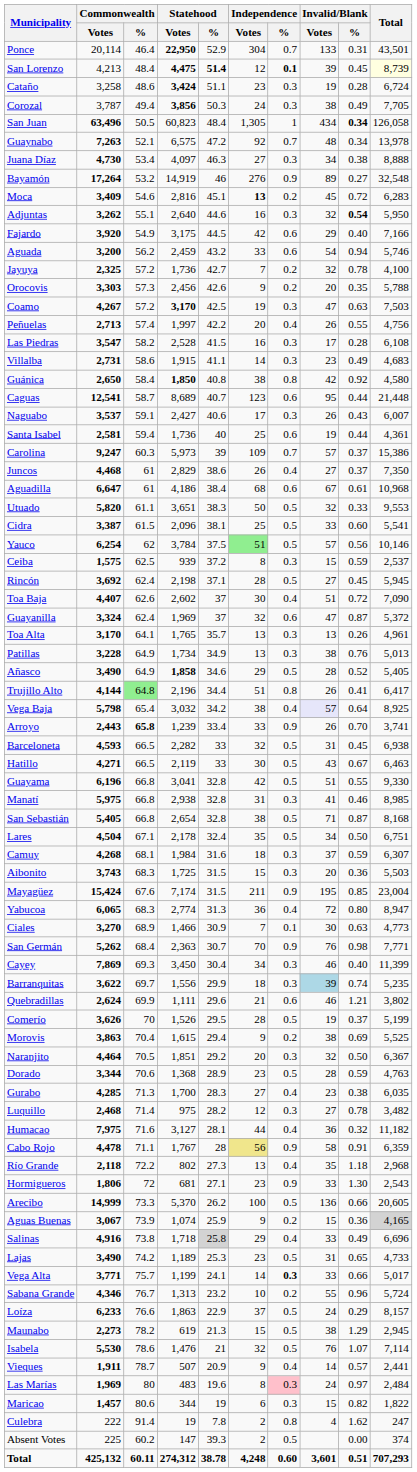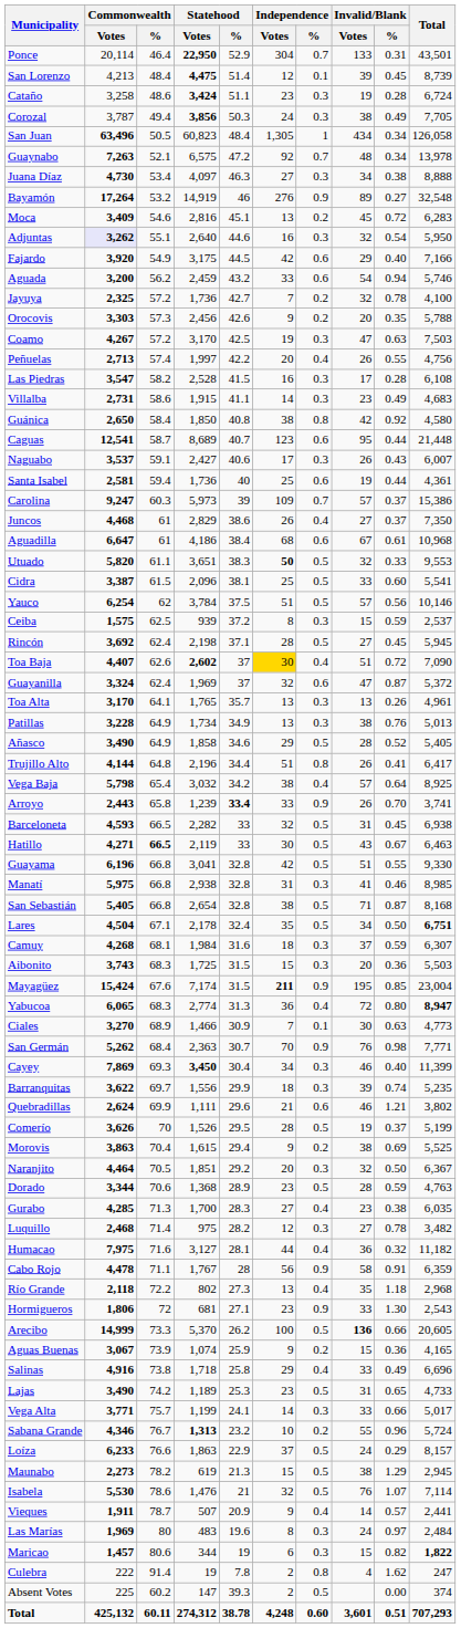 <table class="wikitable sortable" style="font-size:90%; text-align:right">
 <tr>
 <th rowspan=2><a href='#'>Municipality</a></th>
 <th colspan=2>Commonwealth</th>
 <th colspan=2>Statehood</th>
 <th colspan=2>Independence</th>
 <th colspan=2>Invalid/Blank</th>
 <th rowspan=2>Total</th>
 </tr>
 <tr>
 <th>Votes</th>
 <th>%</th>
 <th>Votes</th>
 <th>%</th>
 <th>Votes</th>
 <th>%</th>
 <th>Votes</th>
 <th>%</th>
 </tr>
 <tr>
 <td align=left><a href='#'>Ponce</a></td>
 <td>20,114</td>
 <td>46.4</td>
 <td><strong>22,950</strong></td>
 <td>52.9</td>
 <td>304</td>
 <td>0.7</td>
 <td>133</td>
 <td>0.31</td>
 <td>43,501</td>
 </tr>
 <tr>
 <td align=left><a href='#'>San Lorenzo</a></td>
 <td>4,213</td>
 <td>48.4</td>
 <td><strong>4,475</strong></td>
-<td><strong>51.4</strong></td>
+<td>51.4</td>
 <td>12</td>
-<td><strong>0.1</strong></td>
+<td>0.1</td>
 <td>39</td>
 <td>0.45</td>
-<td style="background: lightyellow;">8,739</td>
+<td>8,739</td>
 </tr>
 <tr>
 <td align=left><a href='#'>Cataño</a></td>
 <td>3,258</td>
 <td>48.6</td>
 <td><strong>3,424</strong></td>
 <td>51.1</td>
 <td>23</td>
 <td>0.3</td>
 <td>19</td>
 <td>0.28</td>
 <td>6,724</td>
 </tr>
 <tr>
 <td align=left><a href='#'>Corozal</a></td>
 <td>3,787</td>
 <td>49.4</td>
 <td><strong>3,856</strong></td>
 <td>50.3</td>
 <td>24</td>
 <td>0.3</td>
 <td>38</td>
 <td>0.49</td>
 <td>7,705</td>
 </tr>
 <tr>
 <td align=left><a href='#'>San Juan</a></td>
 <td><strong>63,496</strong></td>
 <td>50.5</td>
 <td>60,823</td>
 <td>48.4</td>
 <td>1,305</td>
 <td>1</td>
 <td>434</td>
-<td><strong>0.34</strong></td>
+<td>0.34</td>
 <td>126,058</td>
 </tr>
 <tr>
 <td align=left><a href='#'>Guaynabo</a></td>
 <td><strong>7,263</strong></td>
 <td>52.1</td>
 <td>6,575</td>
 <td>47.2</td>
 <td>92</td>
 <td>0.7</td>
 <td>48</td>
 <td>0.34</td>
 <td>13,978</td>
 </tr>
 <tr>
 <td align=left><a href='#'>Juana Díaz</a></td>
 <td><strong>4,730</strong></td>
 <td>53.4</td>
 <td>4,097</td>
 <td>46.3</td>
 <td>27</td>
 <td>0.3</td>
 <td>34</td>
 <td>0.38</td>
 <td>8,888</td>
 </tr>
 <tr>
 <td align=left><a href='#'>Bayamón</a></td>
 <td><strong>17,264</strong></td>
 <td>53.2</td>
 <td>14,919</td>
 <td>46</td>
 <td>276</td>
 <td>0.9</td>
 <td>89</td>
 <td>0.27</td>
 <td>32,548</td>
 </tr>
 <tr>
 <td align=left><a href='#'>Moca</a></td>
 <td><strong>3,409</strong></td>
 <td>54.6</td>
 <td>2,816</td>
 <td>45.1</td>
-<td><strong>13</strong></td>
+<td>13</td>
 <td>0.2</td>
 <td>45</td>
 <td>0.72</td>
 <td>6,283</td>
 </tr>
 <tr>
 <td align=left><a href='#'>Adjuntas</a></td>
-<td><strong>3,262</strong></td>
+<td style="background: lavender;"><strong>3,262</strong></td>
 <td>55.1</td>
 <td>2,640</td>
 <td>44.6</td>
 <td>16</td>
 <td>0.3</td>
 <td>32</td>
-<td><strong>0.54</strong></td>
+<td>0.54</td>
 <td>5,950</td>
 </tr>
 <tr>
 <td align=left><a href='#'>Fajardo</a></td>
 <td><strong>3,920</strong></td>
 <td>54.9</td>
 <td>3,175</td>
 <td>44.5</td>
 <td>42</td>
 <td>0.6</td>
 <td>29</td>
 <td>0.40</td>
 <td>7,166</td>
 </tr>
 <tr>
 <td align=left><a href='#'>Aguada</a></td>
 <td><strong>3,200</strong></td>
 <td>56.2</td>
 <td>2,459</td>
 <td>43.2</td>
 <td>33</td>
 <td>0.6</td>
 <td>54</td>
 <td>0.94</td>
 <td>5,746</td>
 </tr>
 <tr>
 <td align=left><a href='#'>Jayuya</a></td>
 <td><strong>2,325</strong></td>
 <td>57.2</td>
 <td>1,736</td>
 <td>42.7</td>
 <td>7</td>
 <td>0.2</td>
 <td>32</td>
 <td>0.78</td>
 <td>4,100</td>
 </tr>
 <tr>
 <td align=left><a href='#'>Orocovis</a></td>
 <td><strong>3,303</strong></td>
 <td>57.3</td>
 <td>2,456</td>
 <td>42.6</td>
 <td>9</td>
 <td>0.2</td>
 <td>20</td>
 <td>0.35</td>
 <td>5,788</td>
 </tr>
 <tr>
 <td align=left><a href='#'>Coamo</a></td>
 <td><strong>4,267</strong></td>
 <td>57.2</td>
-<td><strong>3,170</strong></td>
+<td>3,170</td>
 <td>42.5</td>
 <td>19</td>
 <td>0.3</td>
 <td>47</td>
 <td>0.63</td>
 <td>7,503</td>
 </tr>
 <tr>
 <td align=left><a href='#'>Peñuelas</a></td>
 <td><strong>2,713</strong></td>
 <td>57.4</td>
 <td>1,997</td>
 <td>42.2</td>
 <td>20</td>
 <td>0.4</td>
 <td>26</td>
 <td>0.55</td>
 <td>4,756</td>
 </tr>
 <tr>
 <td align=left><a href='#'>Las Piedras</a></td>
 <td><strong>3,547</strong></td>
 <td>58.2</td>
 <td>2,528</td>
 <td>41.5</td>
 <td>16</td>
 <td>0.3</td>
 <td>17</td>
 <td>0.28</td>
 <td>6,108</td>
 </tr>
 <tr>
 <td align=left><a href='#'>Villalba</a></td>
 <td><strong>2,731</strong></td>
 <td>58.6</td>
 <td>1,915</td>
 <td>41.1</td>
 <td>14</td>
 <td>0.3</td>
 <td>23</td>
 <td>0.49</td>
 <td>4,683</td>
 </tr>
 <tr>
 <td align=left><a href='#'>Guánica</a></td>
 <td><strong>2,650</strong></td>
 <td>58.4</td>
-<td><strong>1,850</strong></td>
+<td>1,850</td>
 <td>40.8</td>
 <td>38</td>
 <td>0.8</td>
 <td>42</td>
 <td>0.92</td>
 <td>4,580</td>
 </tr>
 <tr>
 <td align=left><a href='#'>Caguas</a></td>
 <td><strong>12,541</strong></td>
 <td>58.7</td>
 <td>8,689</td>
 <td>40.7</td>
 <td>123</td>
 <td>0.6</td>
 <td>95</td>
 <td>0.44</td>
 <td>21,448</td>
 </tr>
 <tr>
 <td align=left><a href='#'>Naguabo</a></td>
 <td><strong>3,537</strong></td>
 <td>59.1</td>
 <td>2,427</td>
 <td>40.6</td>
 <td>17</td>
 <td>0.3</td>
 <td>26</td>
 <td>0.43</td>
 <td>6,007</td>
 </tr>
 <tr>
 <td align=left><a href='#'>Santa Isabel</a></td>
 <td><strong>2,581</strong></td>
 <td>59.4</td>
 <td>1,736</td>
 <td>40</td>
 <td>25</td>
 <td>0.6</td>
 <td>19</td>
 <td>0.44</td>
 <td>4,361</td>
 </tr>
 <tr>
 <td align=left><a href='#'>Carolina</a></td>
 <td><strong>9,247</strong></td>
 <td>60.3</td>
 <td>5,973</td>
 <td>39</td>
 <td>109</td>
 <td>0.7</td>
 <td>57</td>
 <td>0.37</td>
 <td>15,386</td>
 </tr>
 <tr>
 <td align=left><a href='#'>Juncos</a></td>
 <td><strong>4,468</strong></td>
 <td>61</td>
 <td>2,829</td>
 <td>38.6</td>
 <td>26</td>
 <td>0.4</td>
 <td>27</td>
 <td>0.37</td>
 <td>7,350</td>
 </tr>
 <tr>
 <td align=left><a href='#'>Aguadilla</a></td>
 <td><strong>6,647</strong></td>
 <td>61</td>
 <td>4,186</td>
 <td>38.4</td>
 <td>68</td>
 <td>0.6</td>
 <td>67</td>
 <td>0.61</td>
 <td>10,968</td>
 </tr>
 <tr>
 <td align=left><a href='#'>Utuado</a></td>
 <td><strong>5,820</strong></td>
 <td>61.1</td>
 <td>3,651</td>
 <td>38.3</td>
-<td>50</td>
+<td><strong>50</strong></td>
 <td>0.5</td>
 <td>32</td>
 <td>0.33</td>
 <td>9,553</td>
 </tr>
 <tr>
 <td align=left><a href='#'>Cidra</a></td>
 <td><strong>3,387</strong></td>
 <td>61.5</td>
 <td>2,096</td>
 <td>38.1</td>
 <td>25</td>
 <td>0.5</td>
 <td>33</td>
 <td>0.60</td>
 <td>5,541</td>
 </tr>
 <tr>
 <td align=left><a href='#'>Yauco</a></td>
 <td><strong>6,254</strong></td>
 <td>62</td>
 <td>3,784</td>
 <td>37.5</td>
-<td style="background: lightgreen;">51</td>
+<td>51</td>
 <td>0.5</td>
 <td>57</td>
 <td>0.56</td>
 <td>10,146</td>
 </tr>
 <tr>
 <td align=left><a href='#'>Ceiba</a></td>
 <td><strong>1,575</strong></td>
 <td>62.5</td>
 <td>939</td>
 <td>37.2</td>
 <td>8</td>
 <td>0.3</td>
 <td>15</td>
 <td>0.59</td>
 <td>2,537</td>
 </tr>
 <tr>
 <td align=left><a href='#'>Rincón</a></td>
 <td><strong>3,692</strong></td>
 <td>62.4</td>
 <td>2,198</td>
 <td>37.1</td>
 <td>28</td>
 <td>0.5</td>
 <td>27</td>
 <td>0.45</td>
 <td>5,945</td>
 </tr>
 <tr>
 <td align=left><a href='#'>Toa Baja</a></td>
 <td><strong>4,407</strong></td>
 <td>62.6</td>
-<td>2,602</td>
+<td><strong>2,602</strong></td>
 <td>37</td>
-<td>30</td>
+<td style="background: gold;">30</td>
 <td>0.4</td>
 <td>51</td>
 <td>0.72</td>
 <td>7,090</td>
 </tr>
 <tr>
 <td align=left><a href='#'>Guayanilla</a></td>
 <td><strong>3,324</strong></td>
 <td>62.4</td>
 <td>1,969</td>
 <td>37</td>
 <td>32</td>
 <td>0.6</td>
 <td>47</td>
 <td>0.87</td>
 <td>5,372</td>
 </tr>
 <tr>
 <td align=left><a href='#'>Toa Alta</a></td>
 <td><strong>3,170</strong></td>
 <td>64.1</td>
 <td>1,765</td>
 <td>35.7</td>
 <td>13</td>
 <td>0.3</td>
 <td>13</td>
 <td>0.26</td>
 <td>4,961</td>
 </tr>
 <tr>
 <td align=left><a href='#'>Patillas</a></td>
 <td><strong>3,228</strong></td>
 <td>64.9</td>
 <td>1,734</td>
 <td>34.9</td>
 <td>13</td>
 <td>0.3</td>
 <td>38</td>
 <td>0.76</td>
 <td>5,013</td>
 </tr>
 <tr>
 <td align=left><a href='#'>Añasco</a></td>
 <td><strong>3,490</strong></td>
 <td>64.9</td>
-<td><strong>1,858</strong></td>
+<td>1,858</td>
 <td>34.6</td>
 <td>29</td>
 <td>0.5</td>
 <td>28</td>
 <td>0.52</td>
 <td>5,405</td>
 </tr>
 <tr>
 <td align=left><a href='#'>Trujillo Alto</a></td>
 <td><strong>4,144</strong></td>
-<td style="background: lightgreen;">64.8</td>
+<td>64.8</td>
 <td>2,196</td>
 <td>34.4</td>
 <td>51</td>
 <td>0.8</td>
 <td>26</td>
 <td>0.41</td>
 <td>6,417</td>
 </tr>
 <tr>
 <td align=left><a href='#'>Vega Baja</a></td>
 <td><strong>5,798</strong></td>
 <td>65.4</td>
 <td>3,032</td>
 <td>34.2</td>
 <td>38</td>
 <td>0.4</td>
-<td style="background: lavender;">57</td>
+<td>57</td>
 <td>0.64</td>
 <td>8,925</td>
 </tr>
 <tr>
 <td align=left><a href='#'>Arroyo</a></td>
 <td><strong>2,443</strong></td>
-<td><strong>65.8</strong></td>
+<td>65.8</td>
 <td>1,239</td>
-<td>33.4</td>
+<td><strong>33.4</strong></td>
 <td>33</td>
 <td>0.9</td>
 <td>26</td>
 <td>0.70</td>
 <td>3,741</td>
 </tr>
 <tr>
 <td align=left><a href='#'>Barceloneta</a></td>
 <td><strong>4,593</strong></td>
 <td>66.5</td>
 <td>2,282</td>
 <td>33</td>
 <td>32</td>
 <td>0.5</td>
 <td>31</td>
 <td>0.45</td>
 <td>6,938</td>
 </tr>
 <tr>
 <td align=left><a href='#'>Hatillo</a></td>
 <td><strong>4,271</strong></td>
-<td>66.5</td>
+<td><strong>66.5</strong></td>
 <td>2,119</td>
 <td>33</td>
 <td>30</td>
 <td>0.5</td>
 <td>43</td>
 <td>0.67</td>
 <td>6,463</td>
 </tr>
 <tr>
 <td align=left><a href='#'>Guayama</a></td>
 <td><strong>6,196</strong></td>
 <td>66.8</td>
 <td>3,041</td>
 <td>32.8</td>
 <td>42</td>
 <td>0.5</td>
 <td>51</td>
 <td>0.55</td>
 <td>9,330</td>
 </tr>
 <tr>
 <td align=left><a href='#'>Manatí</a></td>
 <td><strong>5,975</strong></td>
 <td>66.8</td>
 <td>2,938</td>
 <td>32.8</td>
 <td>31</td>
 <td>0.3</td>
 <td>41</td>
 <td>0.46</td>
 <td>8,985</td>
 </tr>
 <tr>
 <td align=left><a href='#'>San Sebastián</a></td>
 <td><strong>5,405</strong></td>
 <td>66.8</td>
 <td>2,654</td>
 <td>32.8</td>
 <td>38</td>
 <td>0.5</td>
 <td>71</td>
 <td>0.87</td>
 <td>8,168</td>
 </tr>
 <tr>
 <td align=left><a href='#'>Lares</a></td>
 <td><strong>4,504</strong></td>
 <td>67.1</td>
 <td>2,178</td>
 <td>32.4</td>
 <td>35</td>
 <td>0.5</td>
 <td>34</td>
 <td>0.50</td>
-<td>6,751</td>
+<td><strong>6,751</strong></td>
 </tr>
 <tr>
 <td align=left><a href='#'>Camuy</a></td>
 <td><strong>4,268</strong></td>
 <td>68.1</td>
 <td>1,984</td>
 <td>31.6</td>
 <td>18</td>
 <td>0.3</td>
 <td>37</td>
 <td>0.59</td>
 <td>6,307</td>
 </tr>
 <tr>
 <td align=left><a href='#'>Aibonito</a></td>
 <td><strong>3,743</strong></td>
 <td>68.3</td>
 <td>1,725</td>
 <td>31.5</td>
 <td>15</td>
 <td>0.3</td>
 <td>20</td>
 <td>0.36</td>
 <td>5,503</td>
 </tr>
 <tr>
 <td align=left><a href='#'>Mayagüez</a></td>
 <td><strong>15,424</strong></td>
 <td>67.6</td>
 <td>7,174</td>
 <td>31.5</td>
-<td>211</td>
+<td><strong>211</strong></td>
 <td>0.9</td>
 <td>195</td>
 <td>0.85</td>
 <td>23,004</td>
 </tr>
 <tr>
 <td align=left><a href='#'>Yabucoa</a></td>
 <td><strong>6,065</strong></td>
 <td>68.3</td>
 <td>2,774</td>
 <td>31.3</td>
 <td>36</td>
 <td>0.4</td>
 <td>72</td>
 <td>0.80</td>
-<td>8,947</td>
+<td><strong>8,947</strong></td>
 </tr>
 <tr>
 <td align=left><a href='#'>Ciales</a></td>
 <td><strong>3,270</strong></td>
 <td>68.9</td>
 <td>1,466</td>
 <td>30.9</td>
 <td>7</td>
 <td>0.1</td>
 <td>30</td>
 <td>0.63</td>
 <td>4,773</td>
 </tr>
 <tr>
 <td align=left><a href='#'>San Germán</a></td>
 <td><strong>5,262</strong></td>
 <td>68.4</td>
 <td>2,363</td>
 <td>30.7</td>
 <td>70</td>
 <td>0.9</td>
 <td>76</td>
 <td>0.98</td>
 <td>7,771</td>
 </tr>
 <tr>
 <td align=left><a href='#'>Cayey</a></td>
 <td><strong>7,869</strong></td>
 <td>69.3</td>
-<td>3,450</td>
+<td><strong>3,450</strong></td>
 <td>30.4</td>
 <td>34</td>
 <td>0.3</td>
 <td>46</td>
 <td>0.40</td>
 <td>11,399</td>
 </tr>
 <tr>
 <td align=left><a href='#'>Barranquitas</a></td>
 <td><strong>3,622</strong></td>
 <td>69.7</td>
 <td>1,556</td>
 <td>29.9</td>
 <td>18</td>
 <td>0.3</td>
-<td style="background: lightblue;">39</td>
+<td>39</td>
 <td>0.74</td>
 <td>5,235</td>
 </tr>
 <tr>
 <td align=left><a href='#'>Quebradillas</a></td>
 <td><strong>2,624</strong></td>
 <td>69.9</td>
 <td>1,111</td>
 <td>29.6</td>
 <td>21</td>
 <td>0.6</td>
 <td>46</td>
 <td>1.21</td>
 <td>3,802</td>
 </tr>
 <tr>
 <td align=left><a href='#'>Comerío</a></td>
 <td><strong>3,626</strong></td>
 <td>70</td>
 <td>1,526</td>
 <td>29.5</td>
 <td>28</td>
 <td>0.5</td>
 <td>19</td>
 <td>0.37</td>
 <td>5,199</td>
 </tr>
 <tr>
 <td align=left><a href='#'>Morovis</a></td>
 <td><strong>3,863</strong></td>
 <td>70.4</td>
 <td>1,615</td>
 <td>29.4</td>
 <td>9</td>
 <td>0.2</td>
 <td>38</td>
 <td>0.69</td>
 <td>5,525</td>
 </tr>
 <tr>
 <td align=left><a href='#'>Naranjito</a></td>
 <td><strong>4,464</strong></td>
 <td>70.5</td>
 <td>1,851</td>
 <td>29.2</td>
 <td>20</td>
 <td>0.3</td>
 <td>32</td>
 <td>0.50</td>
 <td>6,367</td>
 </tr>
 <tr>
 <td align=left><a href='#'>Dorado</a></td>
 <td><strong>3,344</strong></td>
 <td>70.6</td>
 <td>1,368</td>
 <td>28.9</td>
 <td>23</td>
 <td>0.5</td>
 <td>28</td>
 <td>0.59</td>
 <td>4,763</td>
 </tr>
 <tr>
 <td align=left><a href='#'>Gurabo</a></td>
 <td><strong>4,285</strong></td>
 <td>71.3</td>
 <td>1,700</td>
 <td>28.3</td>
 <td>27</td>
 <td>0.4</td>
 <td>23</td>
 <td>0.38</td>
 <td>6,035</td>
 </tr>
 <tr>
 <td align=left><a href='#'>Luquillo</a></td>
 <td><strong>2,468</strong></td>
 <td>71.4</td>
 <td>975</td>
 <td>28.2</td>
 <td>12</td>
 <td>0.3</td>
 <td>27</td>
 <td>0.78</td>
 <td>3,482</td>
 </tr>
 <tr>
 <td align=left><a href='#'>Humacao</a></td>
 <td><strong>7,975</strong></td>
 <td>71.6</td>
 <td>3,127</td>
 <td>28.1</td>
 <td>44</td>
 <td>0.4</td>
 <td>36</td>
 <td>0.32</td>
 <td>11,182</td>
 </tr>
 <tr>
 <td align=left><a href='#'>Cabo Rojo</a></td>
 <td><strong>4,478</strong></td>
 <td>71.1</td>
 <td>1,767</td>
 <td>28</td>
-<td style="background: khaki;">56</td>
+<td>56</td>
 <td>0.9</td>
 <td>58</td>
 <td>0.91</td>
 <td>6,359</td>
 </tr>
 <tr>
 <td align=left><a href='#'>Río Grande</a></td>
 <td><strong>2,118</strong></td>
 <td>72.2</td>
 <td>802</td>
 <td>27.3</td>
 <td>13</td>
 <td>0.4</td>
 <td>35</td>
 <td>1.18</td>
 <td>2,968</td>
 </tr>
 <tr>
 <td align=left><a href='#'>Hormigueros</a></td>
 <td><strong>1,806</strong></td>
 <td>72</td>
 <td>681</td>
 <td>27.1</td>
 <td>23</td>
 <td>0.9</td>
 <td>33</td>
 <td>1.30</td>
 <td>2,543</td>
 </tr>
 <tr>
 <td align=left><a href='#'>Arecibo</a></td>
 <td><strong>14,999</strong></td>
 <td>73.3</td>
 <td>5,370</td>
 <td>26.2</td>
 <td>100</td>
 <td>0.5</td>
-<td>136</td>
+<td><strong>136</strong></td>
 <td>0.66</td>
 <td>20,605</td>
 </tr>
 <tr>
 <td align=left><a href='#'>Aguas Buenas</a></td>
 <td><strong>3,067</strong></td>
 <td>73.9</td>
 <td>1,074</td>
 <td>25.9</td>
 <td>9</td>
 <td>0.2</td>
 <td>15</td>
 <td>0.36</td>
-<td style="background: lightgrey;">4,165</td>
+<td>4,165</td>
 </tr>
 <tr>
 <td align=left><a href='#'>Salinas</a></td>
 <td><strong>4,916</strong></td>
 <td>73.8</td>
 <td>1,718</td>
-<td style="background: lightgrey;">25.8</td>
+<td>25.8</td>
 <td>29</td>
 <td>0.4</td>
 <td>33</td>
 <td>0.49</td>
 <td>6,696</td>
 </tr>
 <tr>
 <td align=left><a href='#'>Lajas</a></td>
 <td><strong>3,490</strong></td>
 <td>74.2</td>
 <td>1,189</td>
 <td>25.3</td>
 <td>23</td>
 <td>0.5</td>
 <td>31</td>
 <td>0.65</td>
 <td>4,733</td>
 </tr>
 <tr>
 <td align=left><a href='#'>Vega Alta</a></td>
 <td><strong>3,771</strong></td>
 <td>75.7</td>
 <td>1,199</td>
 <td>24.1</td>
 <td>14</td>
-<td><strong>0.3</strong></td>
+<td>0.3</td>
 <td>33</td>
 <td>0.66</td>
 <td>5,017</td>
 </tr>
 <tr>
 <td align=left><a href='#'>Sabana Grande</a></td>
 <td><strong>4,346</strong></td>
 <td>76.7</td>
-<td>1,313</td>
+<td><strong>1,313</strong></td>
 <td>23.2</td>
 <td>10</td>
 <td>0.2</td>
 <td>55</td>
 <td>0.96</td>
 <td>5,724</td>
 </tr>
 <tr>
 <td align=left><a href='#'>Loíza</a></td>
 <td><strong>6,233</strong></td>
 <td>76.6</td>
 <td>1,863</td>
 <td>22.9</td>
 <td>37</td>
 <td>0.5</td>
 <td>24</td>
 <td>0.29</td>
 <td>8,157</td>
 </tr>
 <tr>
 <td align=left><a href='#'>Maunabo</a></td>
 <td><strong>2,273</strong></td>
 <td>78.2</td>
 <td>619</td>
 <td>21.3</td>
 <td>15</td>
 <td>0.5</td>
 <td>38</td>
 <td>1.29</td>
 <td>2,945</td>
 </tr>
 <tr>
 <td align=left><a href='#'>Isabela</a></td>
 <td><strong>5,530</strong></td>
 <td>78.6</td>
 <td>1,476</td>
 <td>21</td>
 <td>32</td>
 <td>0.5</td>
 <td>76</td>
 <td>1.07</td>
 <td>7,114</td>
 </tr>
 <tr>
 <td align=left><a href='#'>Vieques</a></td>
 <td><strong>1,911</strong></td>
 <td>78.7</td>
 <td>507</td>
 <td>20.9</td>
 <td>9</td>
 <td>0.4</td>
 <td>14</td>
 <td>0.57</td>
 <td>2,441</td>
 </tr>
 <tr>
 <td align=left><a href='#'>Las Marías</a></td>
 <td><strong>1,969</strong></td>
 <td>80</td>
 <td>483</td>
 <td>19.6</td>
 <td>8</td>
-<td style="background: pink;">0.3</td>
+<td>0.3</td>
 <td>24</td>
 <td>0.97</td>
 <td>2,484</td>
 </tr>
 <tr>
 <td align=left><a href='#'>Maricao</a></td>
 <td><strong>1,457</strong></td>
 <td>80.6</td>
 <td>344</td>
 <td>19</td>
 <td>6</td>
 <td>0.3</td>
 <td>15</td>
 <td>0.82</td>
-<td>1,822</td>
+<td><strong>1,822</strong></td>
 </tr>
 <tr>
 <td align=left><a href='#'>Culebra</a></td>
 <td>222</td>
 <td>91.4</td>
 <td>19</td>
 <td>7.8</td>
 <td>2</td>
 <td>0.8</td>
 <td>4</td>
 <td>1.62</td>
 <td>247</td>
 </tr>
 <tr>
 <td align=left>Absent Votes</td>
 <td>225</td>
 <td>60.2</td>
 <td>147</td>
 <td>39.3</td>
 <td>2</td>
 <td>0.5</td>
 <td></td>
 <td>0.00</td>
 <td>374</td>
 </tr>
 <tr>
 <td align=left><strong>Total</strong></td>
 <td><strong>425,132</strong></td>
 <td><strong>60.11</strong></td>
 <td><strong>274,312</strong></td>
 <td><strong>38.78</strong></td>
 <td><strong>4,248</strong></td>
 <td><strong>0.60</strong></td>
 <td><strong>3,601</strong></td>
 <td><strong>0.51</strong></td>
 <td><strong>707,293</strong></td>
 </tr>
 </table>
